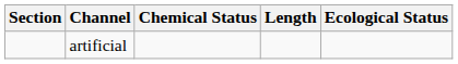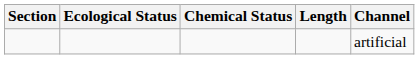 <table class="wikitable">
 <tr>
 <th>Section</th>
-<th>Channel</th>
+<th>Ecological Status</th>
 <th>Chemical Status</th>
 <th>Length</th>
-<th>Ecological Status</th>
+<th>Channel</th>
 </tr>
 <tr>
 <td></td>
-<td>artificial</td>
 <td></td>
 <td></td>
 <td></td>
+<td>artificial</td>
 </tr>
 </table>
